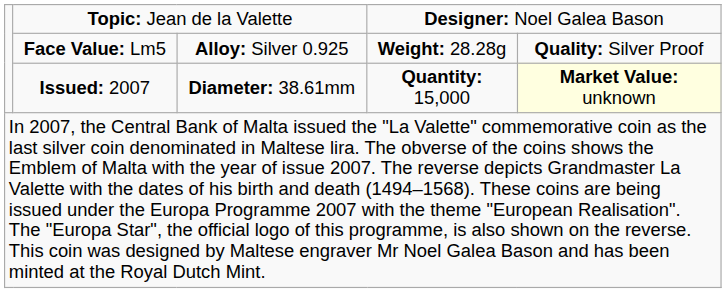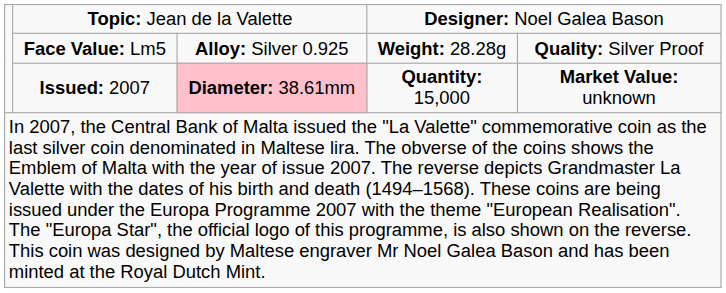 <table class="wikitable" width=100%>
 <tr>
 <td rowspan=3 width="330px" nowrap align=center></td>
 <td colspan="2" width="50%" align=center><strong>Topic:</strong> Jean de la Valette</td>
 <td colspan="2" width="50%" align=center><strong>Designer:</strong> Noel Galea Bason</td>
 </tr>
 <tr>
 <td align=center><strong>Face Value:</strong> Lm5</td>
 <td align=center><strong>Alloy:</strong> Silver 0.925</td>
 <td align=center><strong>Weight:</strong> 28.28g</td>
 <td align=center><strong>Quality:</strong> Silver Proof</td>
 </tr>
 <tr>
 <td align=center><strong>Issued:</strong> 2007</td>
-<td align=center><strong>Diameter:</strong> 38.61mm</td>
+<td align=center style="background: pink;"><strong>Diameter:</strong> 38.61mm</td>
 <td align=center><strong>Quantity:</strong> 15,000</td>
-<td align=center style="background: lightyellow;"><strong>Market Value:</strong> unknown</td>
+<td align=center><strong>Market Value:</strong> unknown</td>
 </tr>
 <tr>
 <td colspan="5" align=left>In 2007, the Central Bank of Malta issued the "La Valette" commemorative coin as the last silver coin denominated in Maltese lira.	The obverse of the coins shows the Emblem of Malta with the year of issue 2007. The reverse depicts Grandmaster La Valette with the dates of his birth and death (1494–1568). These coins are being issued under the Europa Programme 2007 with the theme "European Realisation". The "Europa Star", the official logo of this programme, is also shown on the reverse. This coin was designed by Maltese engraver Mr Noel Galea Bason and has been minted at the Royal Dutch Mint.</td>
 </tr>
 </table>
